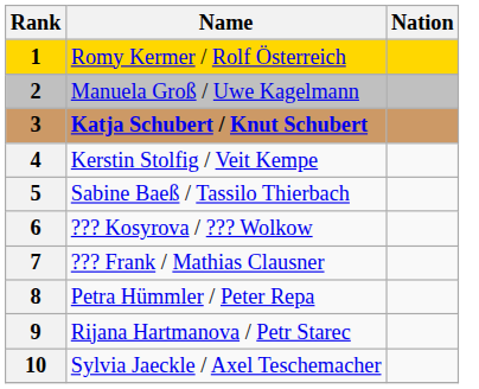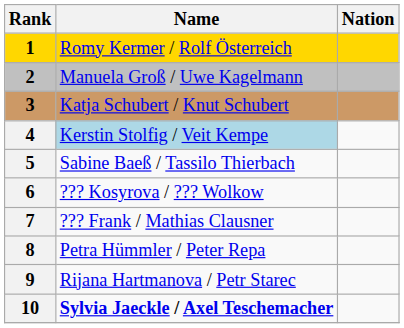 <table class="wikitable">
 <tr>
 <th>Rank</th>
 <th>Name</th>
 <th>Nation</th>
 </tr>
 <tr bgcolor="gold">
 <td align="center"><strong>1</strong></td>
 <td><a href='#'>Romy Kermer</a> / <a href='#'>Rolf Österreich</a></td>
 <td></td>
 </tr>
 <tr bgcolor="silver">
 <td align="center"><strong>2</strong></td>
 <td><a href='#'>Manuela Groß</a> / <a href='#'>Uwe Kagelmann</a></td>
 <td></td>
 </tr>
 <tr bgcolor="cc9966">
 <td align="center"><strong>3</strong></td>
-<td><strong><a href='#'>Katja Schubert</a> / <a href='#'>Knut Schubert</a></strong></td>
+<td><a href='#'>Katja Schubert</a> / <a href='#'>Knut Schubert</a></td>
 <td></td>
 </tr>
 <tr>
 <th>4</th>
-<td><a href='#'>Kerstin Stolfig</a> / <a href='#'>Veit Kempe</a></td>
+<td style="background: lightblue;"><a href='#'>Kerstin Stolfig</a> / <a href='#'>Veit Kempe</a></td>
 <td></td>
 </tr>
 <tr>
 <th>5</th>
 <td><a href='#'>Sabine Baeß</a> / <a href='#'>Tassilo Thierbach</a></td>
 <td></td>
 </tr>
 <tr>
 <th>6</th>
 <td><a href='#'>??? Kosyrova</a> / <a href='#'>??? Wolkow</a></td>
 <td></td>
 </tr>
 <tr>
 <th>7</th>
 <td><a href='#'>??? Frank</a> / <a href='#'>Mathias Clausner</a></td>
 <td></td>
 </tr>
 <tr>
 <th>8</th>
 <td><a href='#'>Petra Hümmler</a> / <a href='#'>Peter Repa</a></td>
 <td></td>
 </tr>
 <tr>
 <th>9</th>
 <td><a href='#'>Rijana Hartmanova</a> / <a href='#'>Petr Starec</a></td>
 <td></td>
 </tr>
 <tr>
 <th>10</th>
-<td><a href='#'>Sylvia Jaeckle</a> / <a href='#'>Axel Teschemacher</a></td>
+<td><strong><a href='#'>Sylvia Jaeckle</a> / <a href='#'>Axel Teschemacher</a></strong></td>
 <td></td>
 </tr>
 <tr>
 </tr>
 </table>
